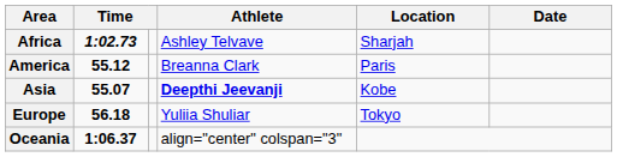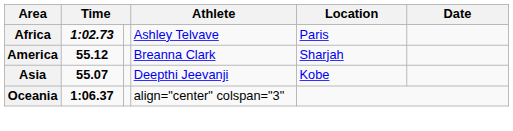 <table class="wikitable">
 <tr>
 <th width="45">Area</th>
 <th width="80" colspan="2">Time</th>
 <th width="200">Athlete</th>
 <th width="130">Location</th>
 <th width="120">Date</th>
 </tr>
 <tr>
 <th>Africa</th>
 <td align="center"><strong><em>1:02.73</em></strong></td>
 <td align="center"></td>
 <td> <a href='#'>Ashley Telvave</a></td>
-<td> <a href='#'>Sharjah</a></td>
+<td> <a href='#'>Paris</a></td>
 <td align="right"></td>
 </tr>
 <tr>
 <th>America</th>
 <td align="center"><strong>55.12</strong></td>
 <td align="center"></td>
 <td> <a href='#'>Breanna Clark</a></td>
-<td> <a href='#'>Paris</a></td>
+<td> <a href='#'>Sharjah</a></td>
 <td align="right"></td>
 </tr>
 <tr>
 <th>Asia</th>
 <td align="center"><strong>55.07</strong></td>
 <td align="center"><strong></strong></td>
-<td><strong> <a href='#'>Deepthi Jeevanji</a></strong></td>
+<td> <a href='#'>Deepthi Jeevanji</a></td>
 <td> <a href='#'>Kobe</a></td>
-<td align="right"></td>
-</tr>
-<tr>
-<th>Europe</th>
-<td align="center"><strong>56.18</strong></td>
-<td align="center"></td>
-<td> <a href='#'>Yuliia Shuliar</a></td>
-<td> <a href='#'>Tokyo</a></td>
 <td align="right"></td>
 </tr>
 <tr>
 <th>Oceania</th>
 <td align="center"><strong>1:06.37</strong></td>
 <td align="center"></td>
 <td>align="center" colspan="3" </td>
 </tr>
 </table>
